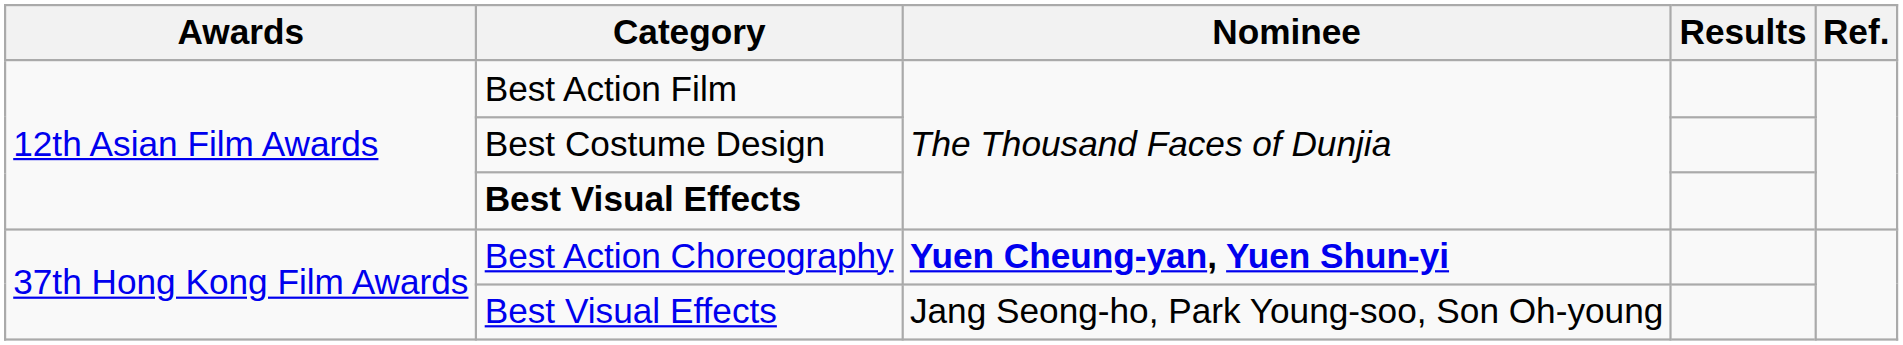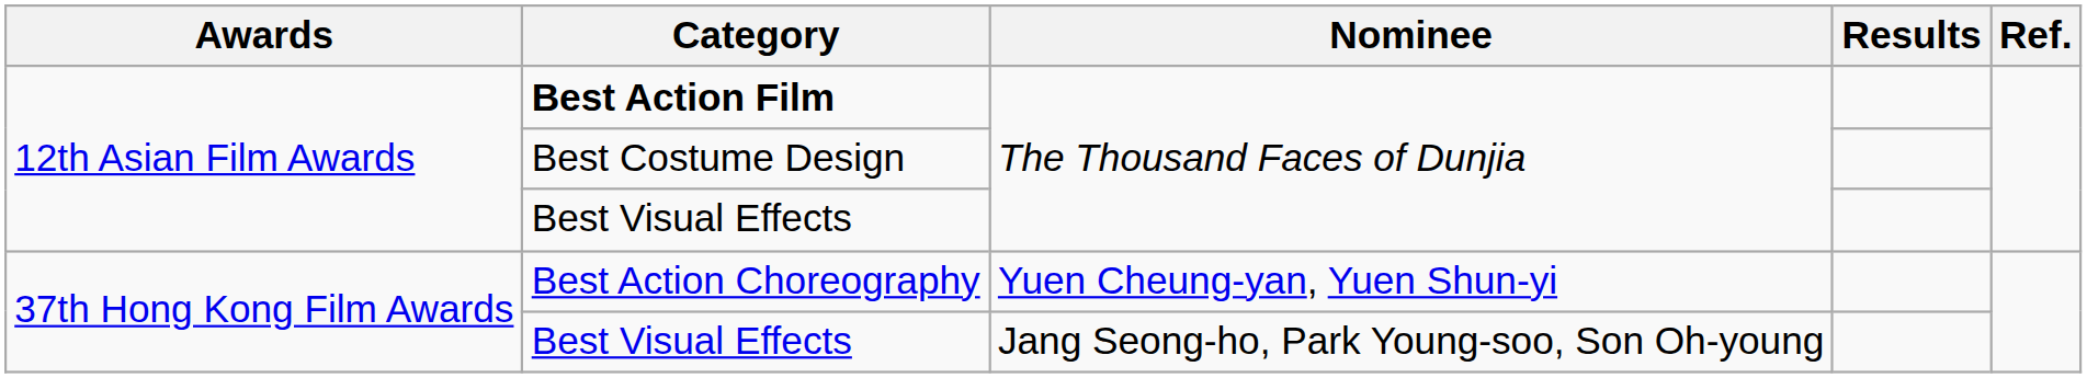 <table class="wikitable">
 <tr>
 <th>Awards</th>
 <th>Category</th>
 <th>Nominee</th>
 <th>Results</th>
 <th>Ref.</th>
 </tr>
 <tr>
 <td rowspan=3><a href='#'>12th Asian Film Awards</a></td>
-<td>Best Action Film</td>
+<td><strong>Best Action Film</strong></td>
 <td rowspan=3><em>The Thousand Faces of Dunjia</em></td>
 <td></td>
 <td rowspan=3></td>
 </tr>
 <tr>
 <td>Best Costume Design</td>
 <td></td>
 </tr>
 <tr>
-<td><strong>Best Visual Effects</strong></td>
+<td>Best Visual Effects</td>
 <td></td>
 </tr>
 <tr>
 <td rowspan=2><a href='#'>37th Hong Kong Film Awards</a></td>
 <td><a href='#'>Best Action Choreography</a></td>
-<td><strong><a href='#'>Yuen Cheung-yan</a>, <a href='#'>Yuen Shun-yi</a></strong></td>
+<td><a href='#'>Yuen Cheung-yan</a>, <a href='#'>Yuen Shun-yi</a></td>
 <td></td>
 <td rowspan=2></td>
 </tr>
 <tr>
 <td><a href='#'>Best Visual Effects</a></td>
 <td>Jang Seong-ho, Park Young-soo, Son Oh-young</td>
 <td></td>
 </tr>
 </table>
